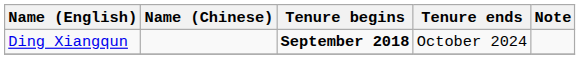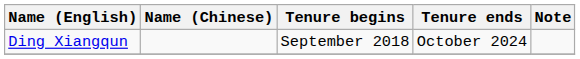 <table class="wikitable">
 <tr>
 <th>Name (English)</th>
 <th>Name (Chinese)</th>
 <th>Tenure begins</th>
 <th>Tenure ends</th>
 <th>Note</th>
 </tr>
 <tr>
 <td><a href='#'>Ding Xiangqun</a></td>
 <td></td>
-<td><strong>September 2018</strong></td>
+<td>September 2018</td>
 <td>October 2024</td>
 <td></td>
 </tr>
 <tr>
 </tr>
 </table>
